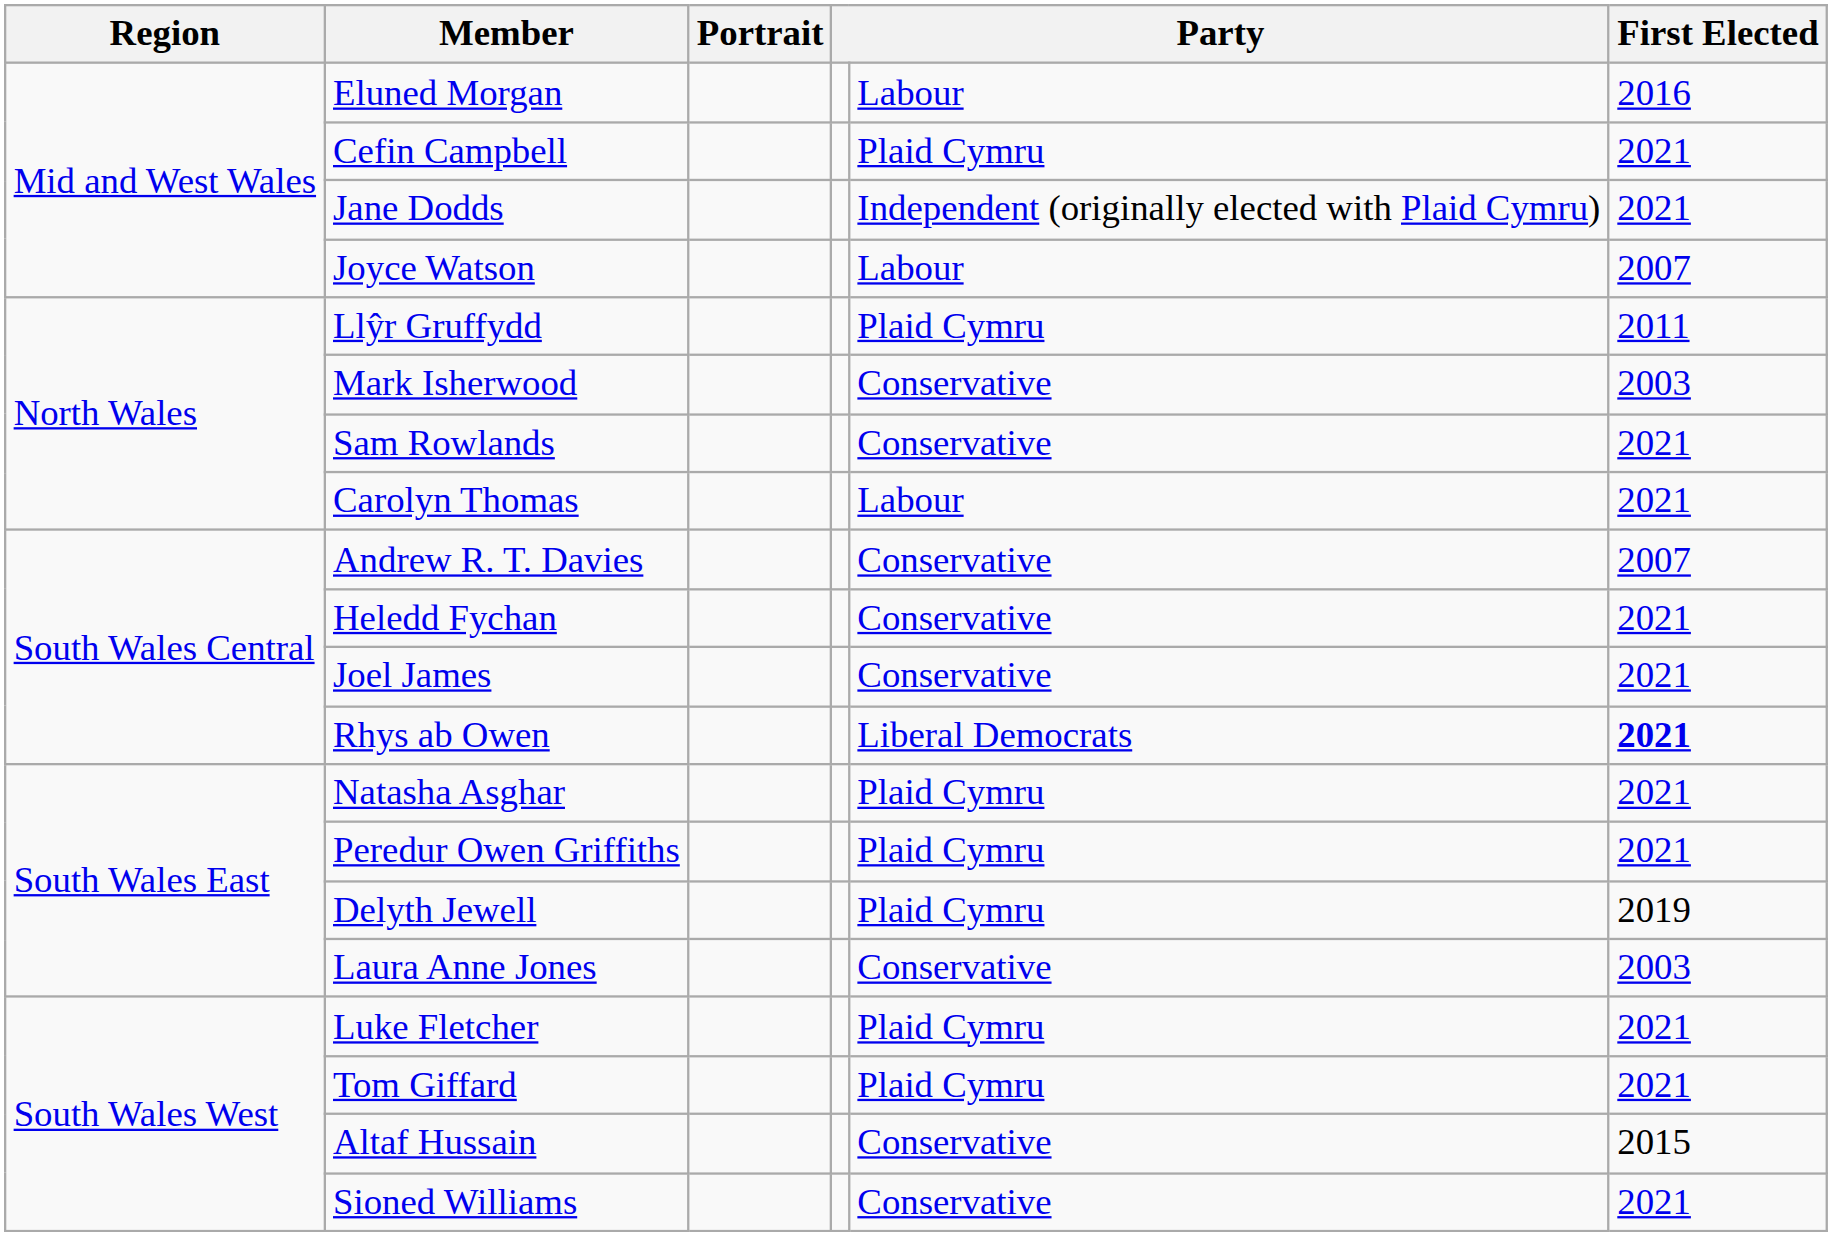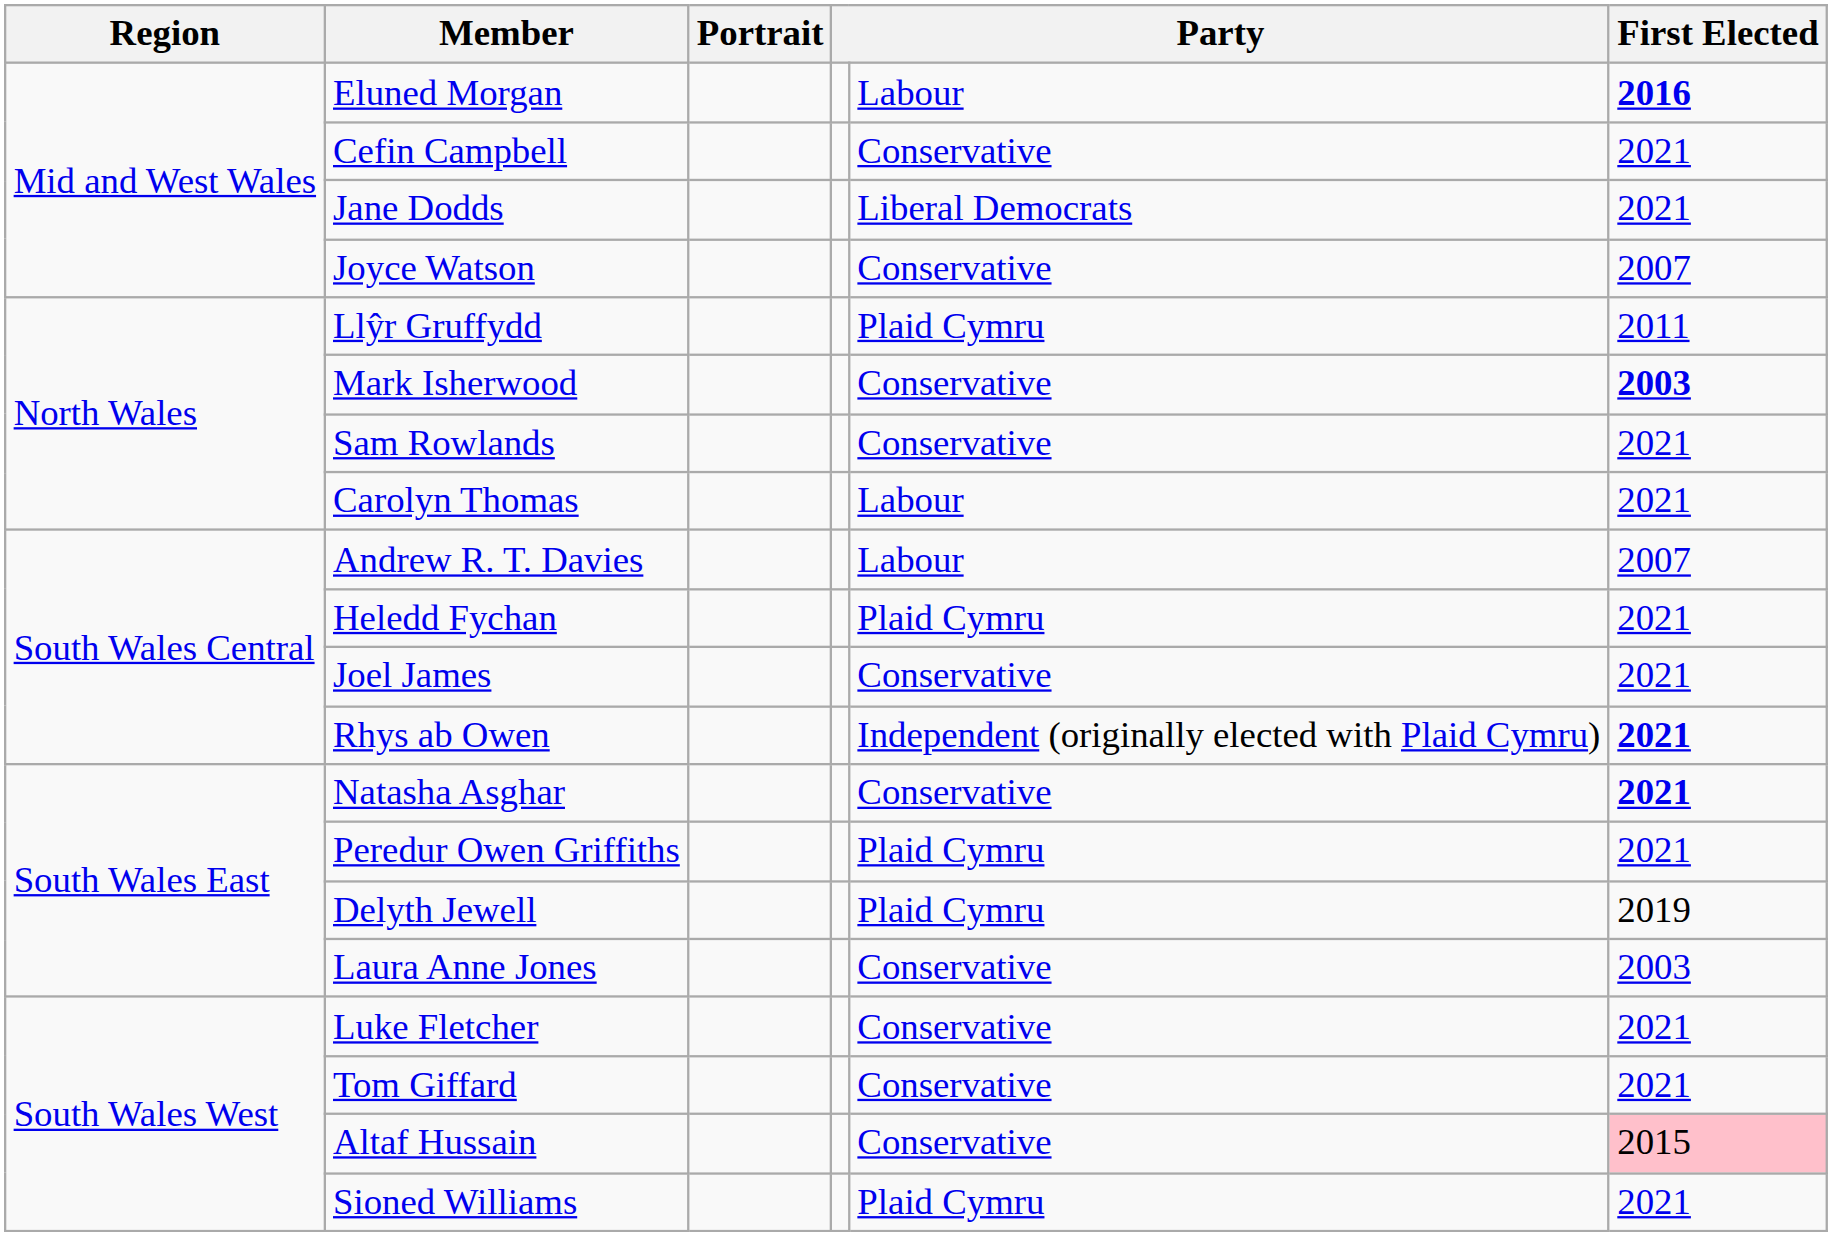 <table class="wikitable">
 <tr>
 <th>Region</th>
 <th>Member</th>
 <th>Portrait</th>
 <th colspan="2">Party</th>
 <th>First Elected</th>
 </tr>
 <tr>
 <td rowspan="4"><a href='#'>Mid and West Wales</a></td>
 <td><a href='#'>Eluned Morgan</a></td>
 <td></td>
 <td style="color:inherit;background:"></td>
 <td><a href='#'>Labour</a></td>
-<td><a href='#'>2016</a></td>
+<td><strong><a href='#'>2016</a></strong></td>
 </tr>
 <tr>
 <td><a href='#'>Cefin Campbell</a></td>
 <td></td>
 <td style="color:inherit;background:"></td>
-<td><a href='#'>Plaid Cymru</a></td>
+<td><a href='#'>Conservative</a></td>
 <td><a href='#'>2021</a></td>
 </tr>
 <tr>
 <td><a href='#'>Jane Dodds</a></td>
 <td></td>
 <td style="color:inherit;background:"></td>
-<td><a href='#'>Independent</a> (originally elected with <a href='#'>Plaid Cymru</a>)</td>
+<td><a href='#'>Liberal Democrats</a></td>
 <td><a href='#'>2021</a></td>
 </tr>
 <tr>
 <td><a href='#'>Joyce Watson</a></td>
 <td></td>
 <td style="color:inherit;background:"></td>
-<td><a href='#'>Labour</a></td>
+<td><a href='#'>Conservative</a></td>
 <td><a href='#'>2007</a></td>
 </tr>
 <tr>
 <td rowspan="4"><a href='#'>North Wales</a></td>
 <td><a href='#'>Llŷr Gruffydd</a></td>
 <td></td>
 <td style="color:inherit;background:"></td>
 <td><a href='#'>Plaid Cymru</a></td>
 <td><a href='#'>2011</a></td>
 </tr>
 <tr>
 <td><a href='#'>Mark Isherwood</a></td>
 <td></td>
 <td style="color:inherit;background:"></td>
 <td><a href='#'>Conservative</a></td>
-<td><a href='#'>2003</a></td>
+<td><strong><a href='#'>2003</a></strong></td>
 </tr>
 <tr>
 <td><a href='#'>Sam Rowlands</a></td>
 <td></td>
 <td style="color:inherit;background:"></td>
 <td><a href='#'>Conservative</a></td>
 <td><a href='#'>2021</a></td>
 </tr>
 <tr>
 <td><a href='#'>Carolyn Thomas</a></td>
 <td></td>
 <td style="color:inherit;background:"></td>
 <td><a href='#'>Labour</a></td>
 <td><a href='#'>2021</a></td>
 </tr>
 <tr>
 <td rowspan="4"><a href='#'>South Wales Central</a></td>
 <td><a href='#'>Andrew R. T. Davies</a></td>
 <td></td>
 <td style="color:inherit;background:"></td>
-<td><a href='#'>Conservative</a></td>
+<td><a href='#'>Labour</a></td>
 <td><a href='#'>2007</a></td>
 </tr>
 <tr>
 <td><a href='#'>Heledd Fychan</a></td>
 <td></td>
 <td style="color:inherit;background:"></td>
-<td><a href='#'>Conservative</a></td>
+<td><a href='#'>Plaid Cymru</a></td>
 <td><a href='#'>2021</a></td>
 </tr>
 <tr>
 <td><a href='#'>Joel James</a></td>
 <td></td>
 <td style="color:inherit;background:"></td>
 <td><a href='#'>Conservative</a></td>
 <td><a href='#'>2021</a></td>
 </tr>
 <tr>
 <td><a href='#'>Rhys ab Owen</a></td>
 <td></td>
 <td style="color:inherit;background:"></td>
-<td><a href='#'>Liberal Democrats</a></td>
+<td><a href='#'>Independent</a> (originally elected with <a href='#'>Plaid Cymru</a>)</td>
 <td><strong><a href='#'>2021</a></strong></td>
 </tr>
 <tr>
 <td rowspan="4"><a href='#'>South Wales East</a></td>
 <td><a href='#'>Natasha Asghar</a></td>
 <td></td>
 <td style="color:inherit;background:"></td>
-<td><a href='#'>Plaid Cymru</a></td>
-<td><a href='#'>2021</a></td>
+<td><a href='#'>Conservative</a></td>
+<td><strong><a href='#'>2021</a></strong></td>
 </tr>
 <tr>
 <td><a href='#'>Peredur Owen Griffiths</a></td>
 <td></td>
 <td style="color:inherit;background:"></td>
 <td><a href='#'>Plaid Cymru</a></td>
 <td><a href='#'>2021</a></td>
 </tr>
 <tr>
 <td><a href='#'>Delyth Jewell</a></td>
 <td></td>
 <td style="color:inherit;background:"></td>
 <td><a href='#'>Plaid Cymru</a></td>
 <td>2019</td>
 </tr>
 <tr>
 <td><a href='#'>Laura Anne Jones</a></td>
 <td></td>
 <td style="color:inherit;background:"></td>
 <td><a href='#'>Conservative</a></td>
 <td><a href='#'>2003</a></td>
 </tr>
 <tr>
 <td rowspan="4"><a href='#'>South Wales West</a></td>
 <td><a href='#'>Luke Fletcher</a></td>
 <td></td>
 <td style="color:inherit;background:"></td>
-<td><a href='#'>Plaid Cymru</a></td>
+<td><a href='#'>Conservative</a></td>
 <td><a href='#'>2021</a></td>
 </tr>
 <tr>
 <td><a href='#'>Tom Giffard</a></td>
 <td></td>
 <td style="color:inherit;background:"></td>
-<td><a href='#'>Plaid Cymru</a></td>
+<td><a href='#'>Conservative</a></td>
 <td><a href='#'>2021</a></td>
 </tr>
 <tr>
 <td><a href='#'>Altaf Hussain</a></td>
 <td></td>
 <td style="color:inherit;background:"></td>
 <td><a href='#'>Conservative</a></td>
-<td>2015</td>
+<td style="background: pink;">2015</td>
 </tr>
 <tr>
 <td><a href='#'>Sioned Williams</a></td>
 <td></td>
 <td style="color:inherit;background:"></td>
-<td><a href='#'>Conservative</a></td>
+<td><a href='#'>Plaid Cymru</a></td>
 <td><a href='#'>2021</a></td>
 </tr>
 </table>
